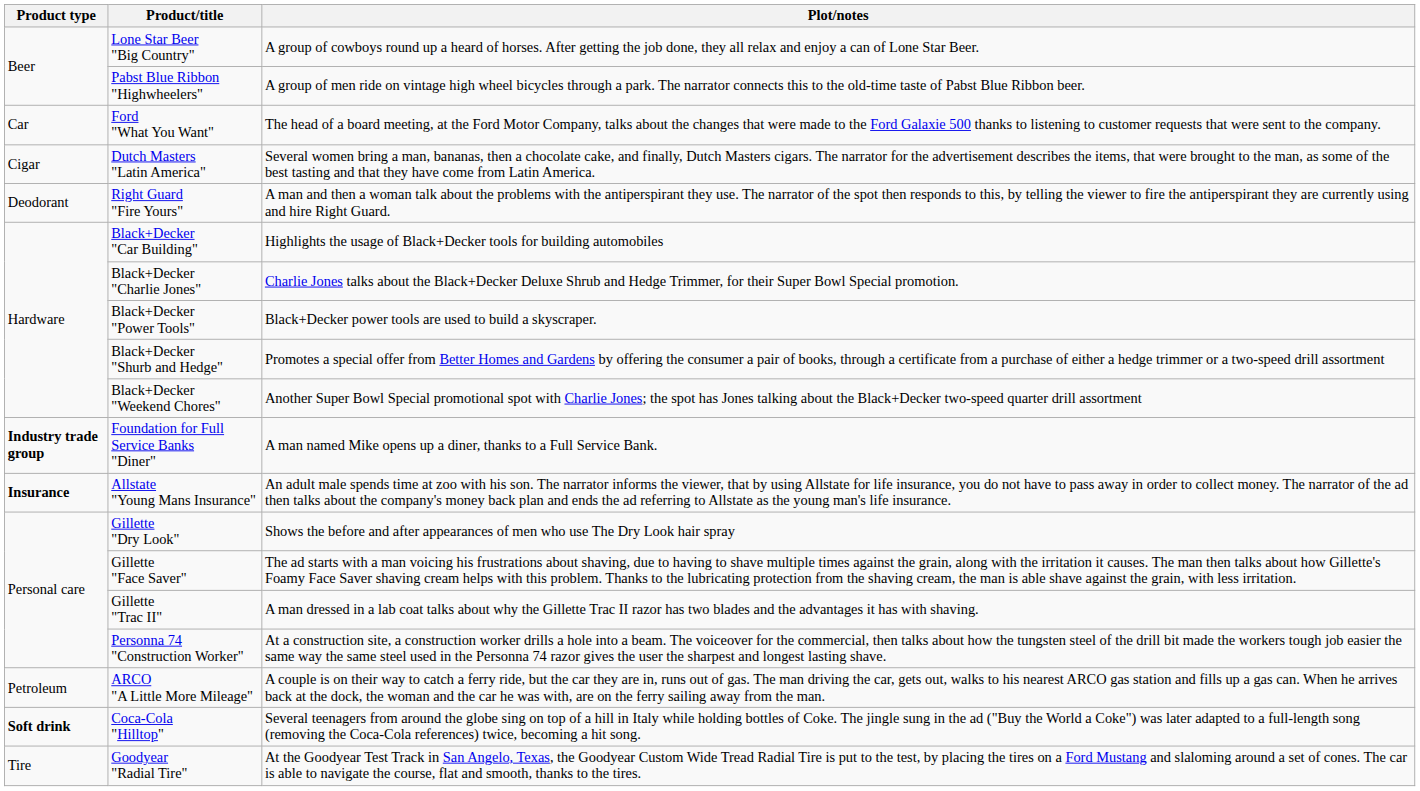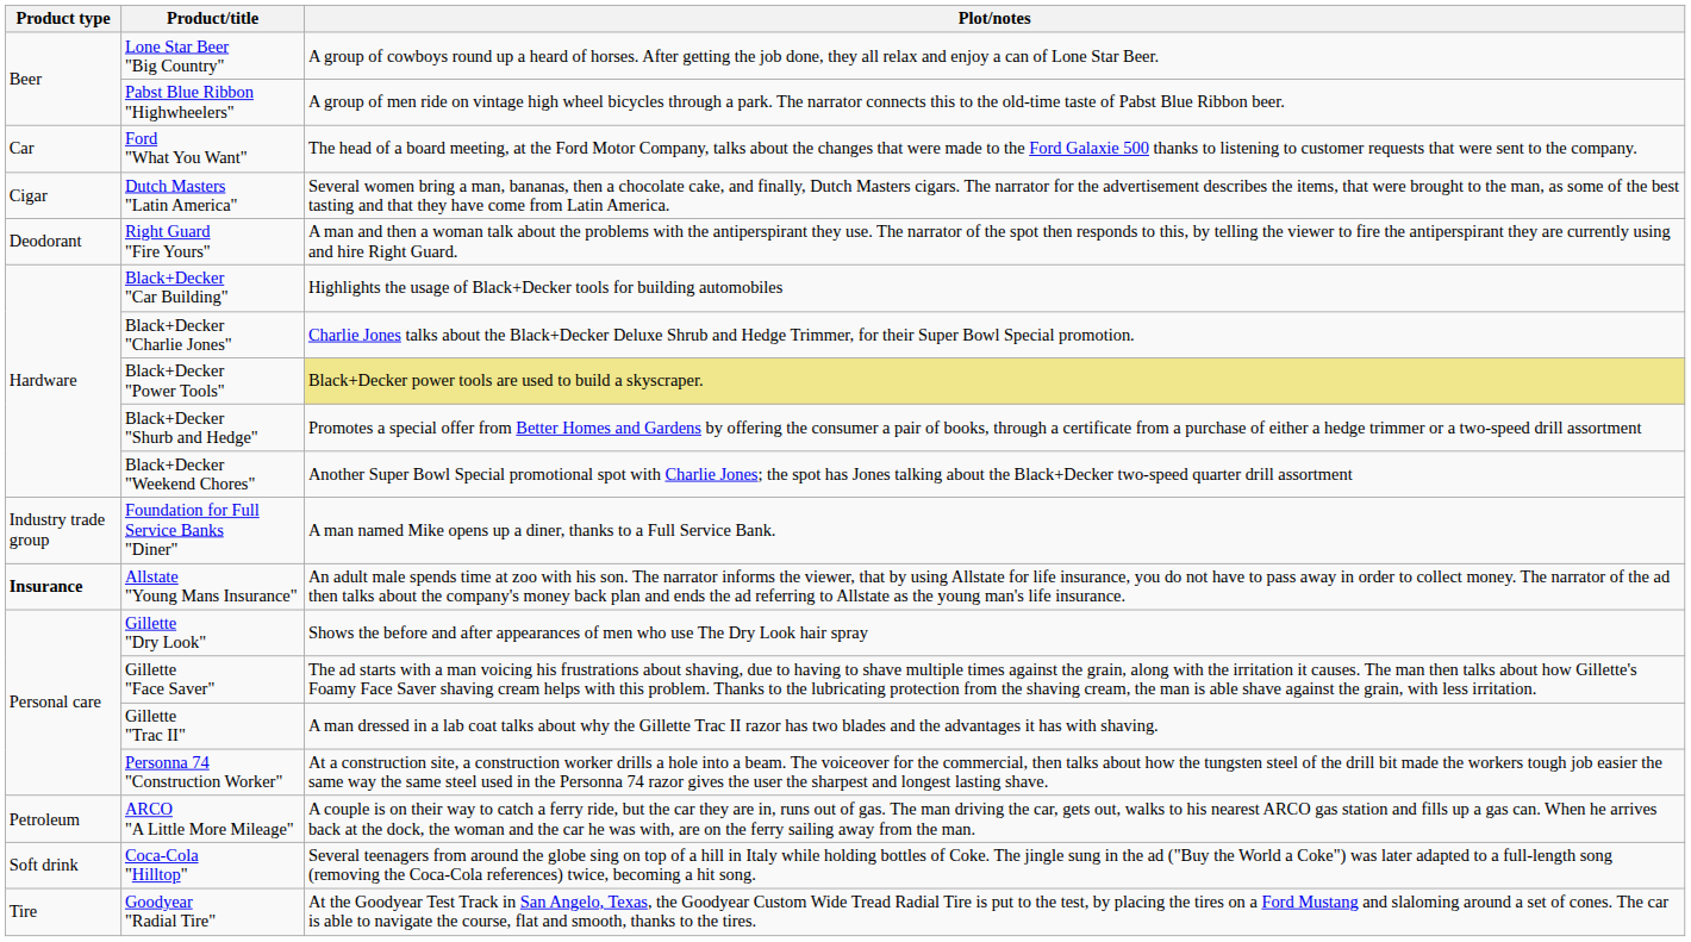 <table class="wikitable">
 <tr>
 <th>Product type</th>
 <th>Product/title</th>
 <th>Plot/notes</th>
 </tr>
 <tr>
 <td rowspan="2">Beer</td>
 <td><a href='#'>Lone Star Beer</a><br>"Big Country"</td>
 <td>A group of cowboys round up a heard of horses. After getting the job done, they all relax and enjoy a can of Lone Star Beer.</td>
 </tr>
 <tr>
 <td><a href='#'>Pabst Blue Ribbon</a><br>"Highwheelers"</td>
 <td>A group of men ride on vintage high wheel bicycles through a park. The narrator connects this to the old-time taste of Pabst Blue Ribbon beer.</td>
 </tr>
 <tr>
 <td>Car</td>
 <td><a href='#'>Ford</a><br>"What You Want"</td>
 <td>The head of a board meeting, at the Ford Motor Company, talks about the changes that were made to the <a href='#'>Ford Galaxie 500</a> thanks to listening to customer requests that were sent to the company.</td>
 </tr>
 <tr>
 <td>Cigar</td>
 <td><a href='#'>Dutch Masters</a><br>"Latin America"</td>
 <td>Several women bring a man, bananas, then a chocolate cake, and finally, Dutch Masters cigars. The narrator for the advertisement describes the items, that were brought to the man, as some of the best tasting and that they have come from Latin America.</td>
 </tr>
 <tr>
 <td>Deodorant</td>
 <td><a href='#'>Right Guard</a><br>"Fire Yours"</td>
 <td>A man and then a woman talk about the problems with the antiperspirant they use. The narrator of the spot then responds to this, by telling the viewer to fire the antiperspirant they are currently using and hire Right Guard.</td>
 </tr>
 <tr>
 <td rowspan="5">Hardware</td>
 <td><a href='#'>Black+Decker</a><br>"Car Building"</td>
 <td>Highlights the usage of Black+Decker tools for building automobiles</td>
 </tr>
 <tr>
 <td>Black+Decker<br>"Charlie Jones"</td>
 <td><a href='#'>Charlie Jones</a> talks about the Black+Decker Deluxe Shrub and Hedge Trimmer, for their Super Bowl Special promotion.</td>
 </tr>
 <tr>
 <td>Black+Decker<br>"Power Tools"</td>
-<td>Black+Decker power tools are used to build a skyscraper.</td>
+<td style="background: khaki;">Black+Decker power tools are used to build a skyscraper.</td>
 </tr>
 <tr>
 <td>Black+Decker<br>"Shurb and Hedge"</td>
 <td>Promotes a special offer from <a href='#'>Better Homes and Gardens</a> by offering the consumer a pair of books, through a certificate from a purchase of either a hedge trimmer or a two-speed drill assortment</td>
 </tr>
 <tr>
 <td>Black+Decker<br>"Weekend Chores"</td>
 <td>Another Super Bowl Special promotional spot with <a href='#'>Charlie Jones</a>; the spot has Jones talking about the Black+Decker two-speed quarter drill assortment</td>
 </tr>
 <tr>
-<td><strong>Industry trade group</strong></td>
+<td>Industry trade group</td>
 <td><a href='#'>Foundation for Full Service Banks</a><br>"Diner"</td>
 <td>A man named Mike opens up a diner, thanks to a Full Service Bank.</td>
 </tr>
 <tr>
 <td><strong>Insurance</strong></td>
 <td><a href='#'>Allstate</a><br>"Young Mans Insurance"</td>
 <td>An adult male spends time at zoo with his son. The narrator informs the viewer, that by using Allstate for life insurance, you do not have to pass away in order to collect money. The narrator of the ad then talks about the company's money back plan and ends the ad referring to Allstate as the young man's life insurance.</td>
 </tr>
 <tr>
 <td rowspan="4">Personal care</td>
 <td><a href='#'>Gillette</a><br>"Dry Look"</td>
 <td>Shows the before and after appearances of men who use The Dry Look hair spray</td>
 </tr>
 <tr>
 <td>Gillette<br>"Face Saver"</td>
 <td>The ad starts with a man voicing his frustrations about shaving, due to having to shave multiple times against the grain, along with the irritation it causes. The man then talks about how Gillette's Foamy Face Saver shaving cream helps with this problem. Thanks to the lubricating protection from the shaving cream, the man is able shave against the grain, with less irritation.</td>
 </tr>
 <tr>
 <td>Gillette<br>"Trac II"</td>
 <td>A man dressed in a lab coat talks about why the Gillette Trac II razor has two blades and the advantages it has with shaving.</td>
 </tr>
 <tr>
 <td><a href='#'>Personna 74</a><br>"Construction Worker"</td>
 <td>At a construction site, a construction worker drills a hole into a beam. The voiceover for the commercial, then talks about how the tungsten steel of the drill bit made the workers tough job easier the same way the same steel used in the Personna 74 razor gives the user the sharpest and longest lasting shave.</td>
 </tr>
 <tr>
 <td>Petroleum</td>
 <td><a href='#'>ARCO</a><br>"A Little More Mileage"</td>
 <td>A couple is on their way to catch a ferry ride, but the car they are in, runs out of gas. The man driving the car, gets out, walks to his nearest ARCO gas station and fills up a gas can. When he arrives back at the dock, the woman and the car he was with, are on the ferry sailing away from the man.</td>
 </tr>
 <tr>
-<td><strong>Soft drink</strong></td>
+<td>Soft drink</td>
 <td><a href='#'>Coca-Cola</a><br>"<a href='#'>Hilltop</a>"</td>
 <td>Several teenagers from around the globe sing on top of a hill in Italy while holding bottles of Coke. The jingle sung in the ad ("Buy the World a Coke") was later adapted to a full-length song (removing the Coca-Cola references) twice, becoming a hit song.</td>
 </tr>
 <tr>
 <td>Tire</td>
 <td><a href='#'>Goodyear</a><br>"Radial Tire"</td>
 <td>At the Goodyear Test Track in <a href='#'>San Angelo, Texas</a>, the Goodyear Custom Wide Tread Radial Tire is put to the test, by placing the tires on a <a href='#'>Ford Mustang</a> and slaloming around a set of cones. The car is able to navigate the course, flat and smooth, thanks to the tires.</td>
 </tr>
 </table>
